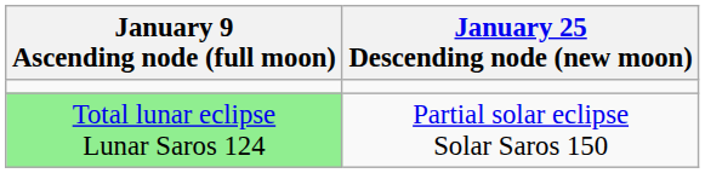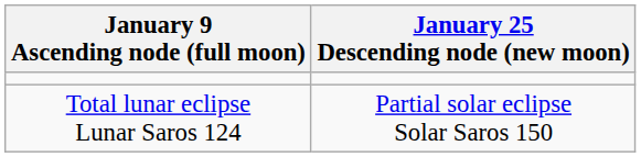 <table class="wikitable">
 <tr>
 <th>January 9<br>Ascending node (full moon)<br></th>
 <th><a href='#'>January 25</a><br>Descending node (new moon)<br></th>
 </tr>
 <tr>
 <td></td>
 <td></td>
 </tr>
 <tr align=center>
-<td style="background: lightgreen;"><a href='#'>Total lunar eclipse</a><br>Lunar Saros 124</td>
+<td><a href='#'>Total lunar eclipse</a><br>Lunar Saros 124</td>
 <td><a href='#'>Partial solar eclipse</a><br>Solar Saros 150</td>
 </tr>
 </table>
